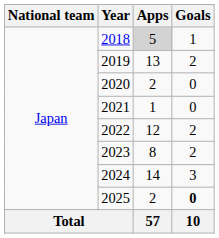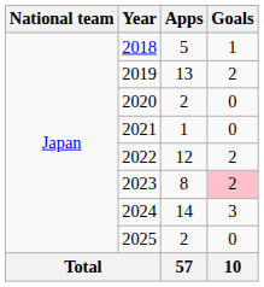 <table class="wikitable" style="text-align:center">
 <tr>
 <th>National team</th>
 <th>Year</th>
 <th>Apps</th>
 <th>Goals</th>
 </tr>
 <tr>
 <td rowspan="8"><a href='#'>Japan</a></td>
 <td><a href='#'>2018</a></td>
-<td style="background: lightgrey;">5</td>
+<td>5</td>
 <td>1</td>
 </tr>
 <tr>
 <td>2019</td>
 <td>13</td>
 <td>2</td>
 </tr>
 <tr>
 <td>2020</td>
 <td>2</td>
 <td>0</td>
 </tr>
 <tr>
 <td>2021</td>
 <td>1</td>
 <td>0</td>
 </tr>
 <tr>
 <td>2022</td>
 <td>12</td>
 <td>2</td>
 </tr>
 <tr>
 <td>2023</td>
 <td>8</td>
-<td>2</td>
+<td style="background: pink;">2</td>
 </tr>
 <tr>
 <td>2024</td>
 <td>14</td>
 <td>3</td>
 </tr>
 <tr>
 <td>2025</td>
 <td>2</td>
-<td><strong>0</strong></td>
+<td>0</td>
 </tr>
 <tr>
 <th colspan="2">Total</th>
 <th>57</th>
 <th>10</th>
 </tr>
 </table>
